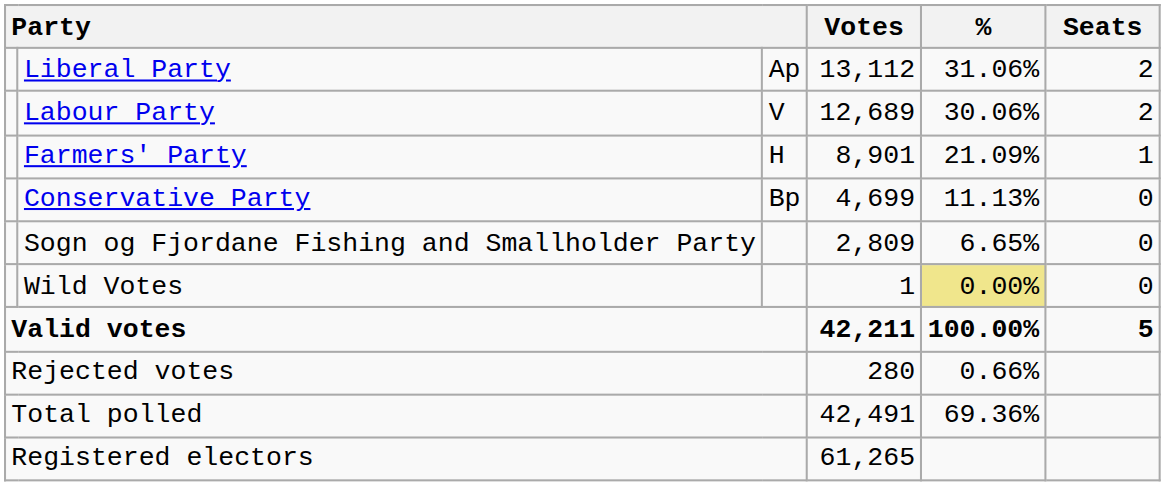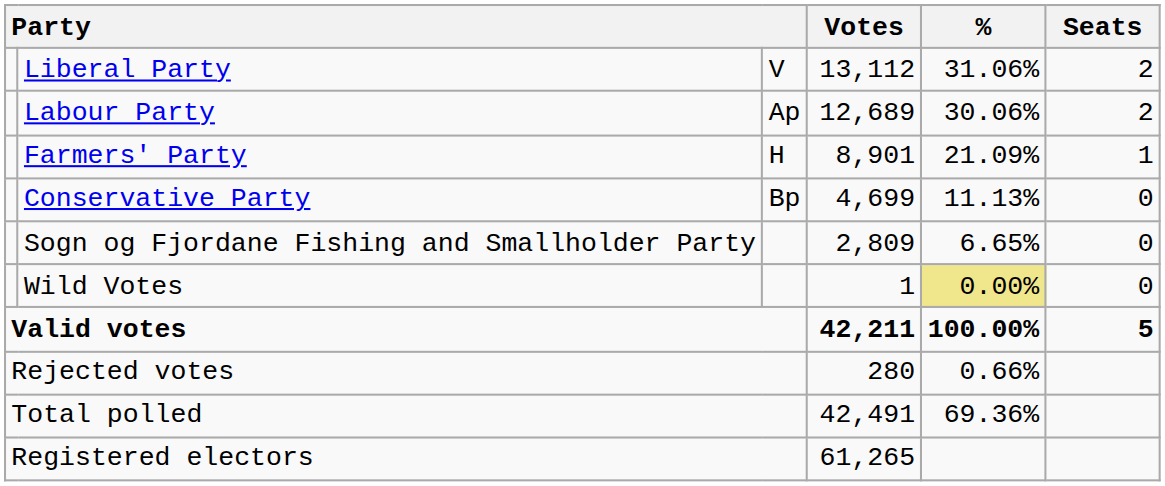 <table class="wikitable" border="1" style="text-align:right;">
 <tr>
 <th style="text-align:left;" colspan=3>Party</th>
 <th align=center width="50">Votes</th>
 <th align=center width="50">%</th>
 <th align=center width="50">Seats</th>
 </tr>
 <tr>
 <td style="color:inherit;background:"></td>
 <td align=left><a href='#'>Liberal Party</a></td>
-<td align=left>Ap</td>
+<td align=left>V</td>
 <td>13,112</td>
 <td>31.06%</td>
 <td>2</td>
 </tr>
 <tr>
 <td style="color:inherit;background:"></td>
 <td align=left><a href='#'>Labour Party</a></td>
-<td align=left>V</td>
+<td align=left>Ap</td>
 <td>12,689</td>
 <td>30.06%</td>
 <td>2</td>
 </tr>
 <tr>
 <td style="color:inherit;background:"></td>
 <td align=left><a href='#'>Farmers' Party</a></td>
 <td align=left>H</td>
 <td>8,901</td>
 <td>21.09%</td>
 <td>1</td>
 </tr>
 <tr>
 <td style="color:inherit;background:"></td>
 <td align=left><a href='#'>Conservative Party</a></td>
 <td align=left>Bp</td>
 <td>4,699</td>
 <td>11.13%</td>
 <td>0</td>
 </tr>
 <tr>
 <td></td>
 <td align=left>Sogn og Fjordane Fishing and Smallholder Party</td>
 <td align=left></td>
 <td>2,809</td>
 <td>6.65%</td>
 <td>0</td>
 </tr>
 <tr>
 <td></td>
 <td align=left>Wild Votes</td>
 <td align=left></td>
 <td>1</td>
 <td style="background: khaki;">0.00%</td>
 <td>0</td>
 </tr>
 <tr style="font-weight:bold">
 <td align=left colspan=3>Valid votes</td>
 <td>42,211</td>
 <td>100.00%</td>
 <td>5</td>
 </tr>
 <tr>
 <td align=left colspan=3>Rejected votes</td>
 <td>280</td>
 <td>0.66%</td>
 <td></td>
 </tr>
 <tr>
 <td align=left colspan=3>Total polled</td>
 <td>42,491</td>
 <td>69.36%</td>
 <td></td>
 </tr>
 <tr>
 <td align=left colspan=3>Registered electors</td>
 <td>61,265</td>
 <td></td>
 <td></td>
 </tr>
 </table>
